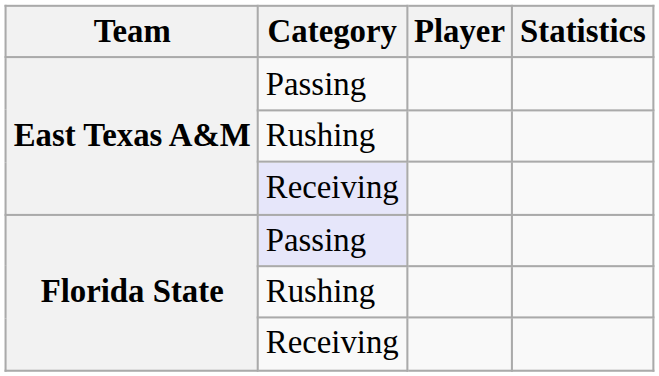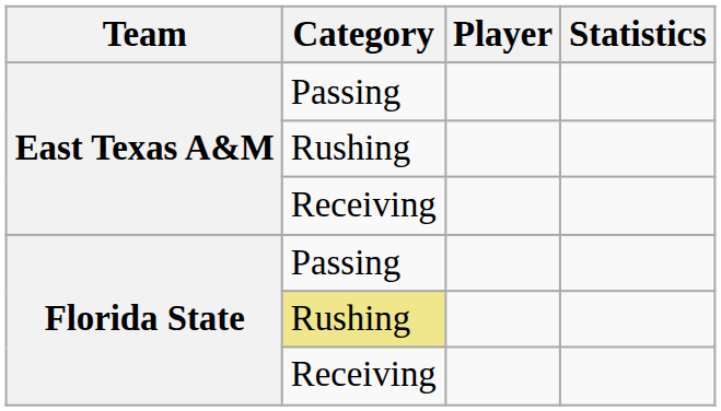 <table class="wikitable" style="float:right">
 <tr>
 <th>Team</th>
 <th>Category</th>
 <th>Player</th>
 <th>Statistics</th>
 </tr>
 <tr>
 <th rowspan=3>East Texas A&M</th>
 <td>Passing</td>
 <td></td>
 <td></td>
 </tr>
 <tr>
 <td>Rushing</td>
 <td></td>
 <td></td>
 </tr>
 <tr>
-<td style="background: lavender;">Receiving</td>
+<td>Receiving</td>
 <td></td>
 <td></td>
 </tr>
 <tr>
 <th rowspan=3>Florida State</th>
-<td style="background: lavender;">Passing</td>
+<td>Passing</td>
 <td></td>
 <td></td>
 </tr>
 <tr>
-<td>Rushing</td>
+<td style="background: khaki;">Rushing</td>
 <td></td>
 <td></td>
 </tr>
 <tr>
 <td>Receiving</td>
 <td></td>
 <td></td>
 </tr>
 </table>
